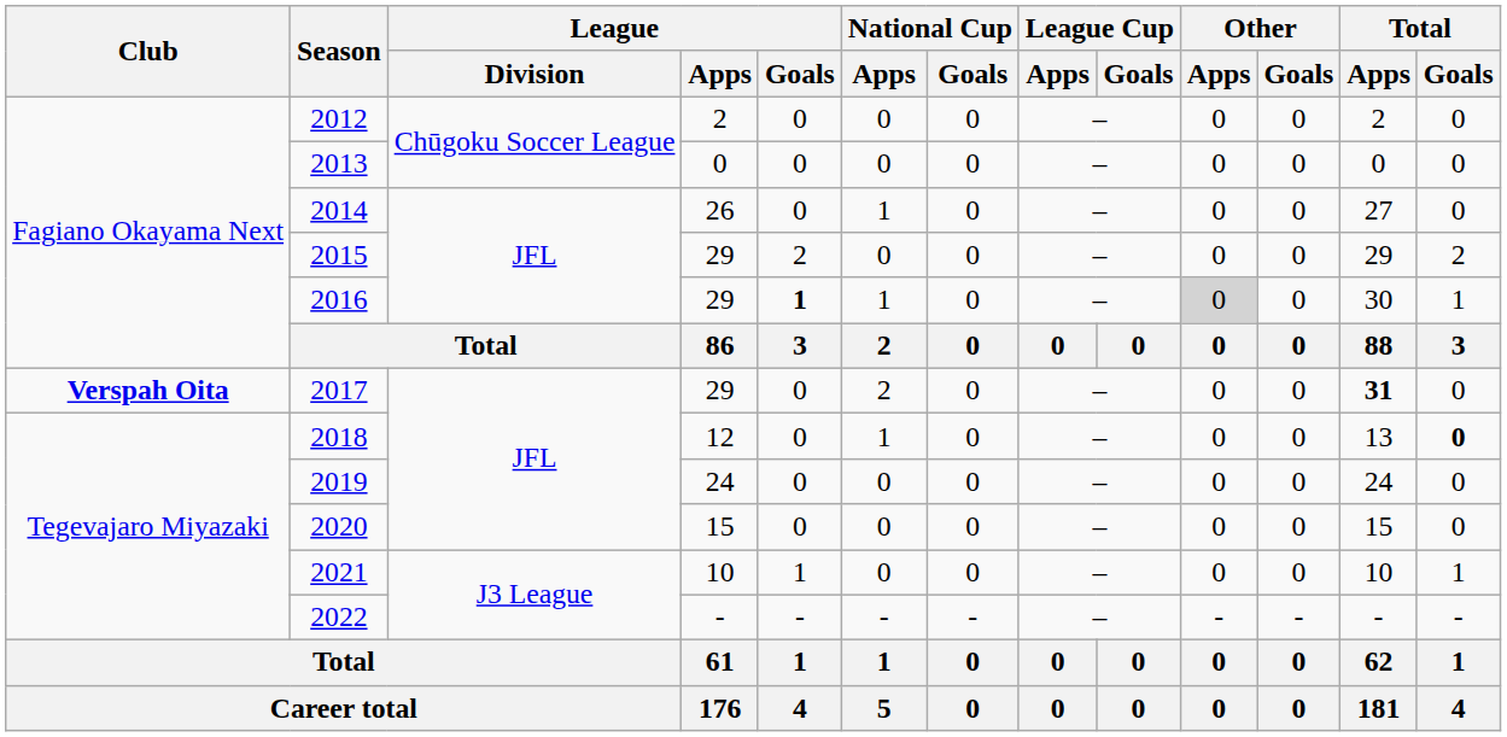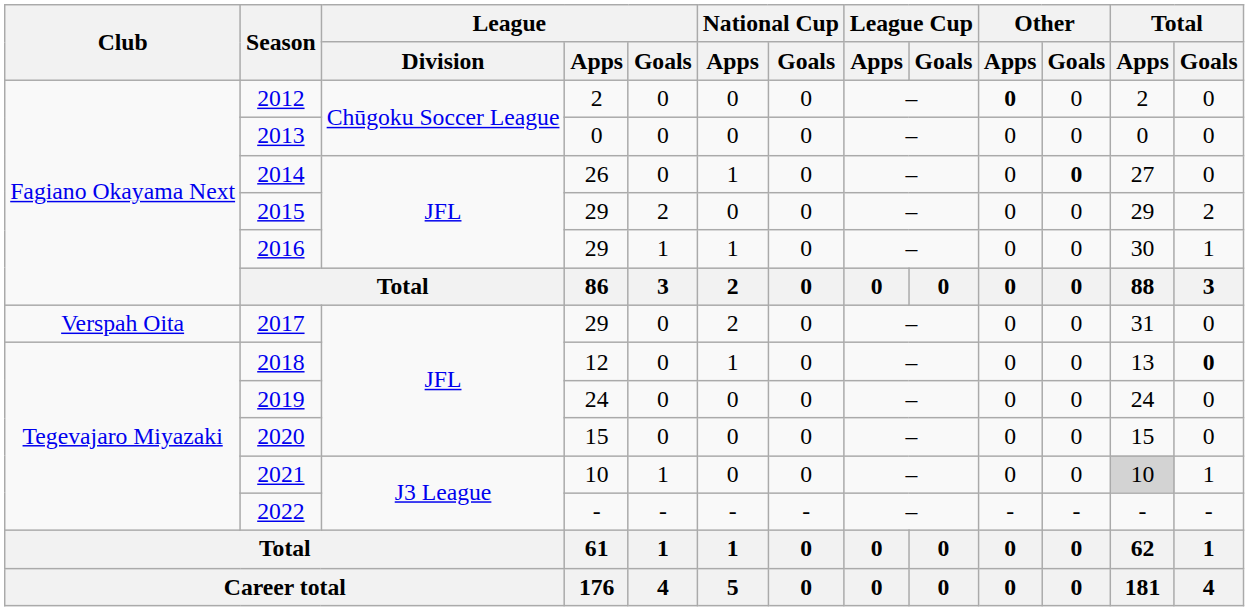 <table class="wikitable" style="text-align: center">
 <tr>
 <th rowspan="2">Club</th>
 <th rowspan="2">Season</th>
 <th colspan="3">League</th>
 <th colspan="2">National Cup</th>
 <th colspan="2">League Cup</th>
 <th colspan="2">Other</th>
 <th colspan="2">Total</th>
 </tr>
 <tr>
 <th>Division</th>
 <th>Apps</th>
 <th>Goals</th>
 <th>Apps</th>
 <th>Goals</th>
 <th>Apps</th>
 <th>Goals</th>
 <th>Apps</th>
 <th>Goals</th>
 <th>Apps</th>
 <th>Goals</th>
 </tr>
 <tr>
 <td rowspan="6"><a href='#'>Fagiano Okayama Next</a></td>
 <td><a href='#'>2012</a></td>
 <td rowspan="2"><a href='#'>Chūgoku Soccer League</a></td>
 <td>2</td>
 <td>0</td>
 <td>0</td>
 <td>0</td>
 <td colspan="2">–</td>
-<td>0</td>
+<td><strong>0</strong></td>
 <td>0</td>
 <td>2</td>
 <td>0</td>
 </tr>
 <tr>
 <td><a href='#'>2013</a></td>
 <td>0</td>
 <td>0</td>
 <td>0</td>
 <td>0</td>
 <td colspan="2">–</td>
 <td>0</td>
 <td>0</td>
 <td>0</td>
 <td>0</td>
 </tr>
 <tr>
 <td><a href='#'>2014</a></td>
 <td rowspan="3"><a href='#'>JFL</a></td>
 <td>26</td>
 <td>0</td>
 <td>1</td>
 <td>0</td>
 <td colspan="2">–</td>
 <td>0</td>
-<td>0</td>
+<td><strong>0</strong></td>
 <td>27</td>
 <td>0</td>
 </tr>
 <tr>
 <td><a href='#'>2015</a></td>
 <td>29</td>
 <td>2</td>
 <td>0</td>
 <td>0</td>
 <td colspan="2">–</td>
 <td>0</td>
 <td>0</td>
 <td>29</td>
 <td>2</td>
 </tr>
 <tr>
 <td><a href='#'>2016</a></td>
 <td>29</td>
-<td><strong>1</strong></td>
+<td>1</td>
 <td>1</td>
 <td>0</td>
 <td colspan="2">–</td>
-<td style="background: lightgrey;">0</td>
+<td>0</td>
 <td>0</td>
 <td>30</td>
 <td>1</td>
 </tr>
 <tr>
 <th colspan=2>Total</th>
 <th>86</th>
 <th>3</th>
 <th>2</th>
 <th>0</th>
 <th>0</th>
 <th>0</th>
 <th>0</th>
 <th>0</th>
 <th>88</th>
 <th>3</th>
 </tr>
 <tr>
-<td><strong><a href='#'>Verspah Oita</a></strong></td>
+<td><a href='#'>Verspah Oita</a></td>
 <td><a href='#'>2017</a></td>
 <td rowspan="4"><a href='#'>JFL</a></td>
 <td>29</td>
 <td>0</td>
 <td>2</td>
 <td>0</td>
 <td colspan="2">–</td>
 <td>0</td>
 <td>0</td>
-<td><strong>31</strong></td>
+<td>31</td>
 <td>0</td>
 </tr>
 <tr>
 <td rowspan="5"><a href='#'>Tegevajaro Miyazaki</a></td>
 <td><a href='#'>2018</a></td>
 <td>12</td>
 <td>0</td>
 <td>1</td>
 <td>0</td>
 <td colspan="2">–</td>
 <td>0</td>
 <td>0</td>
 <td>13</td>
 <td><strong>0</strong></td>
 </tr>
 <tr>
 <td><a href='#'>2019</a></td>
 <td>24</td>
 <td>0</td>
 <td>0</td>
 <td>0</td>
 <td colspan="2">–</td>
 <td>0</td>
 <td>0</td>
 <td>24</td>
 <td>0</td>
 </tr>
 <tr>
 <td><a href='#'>2020</a></td>
 <td>15</td>
 <td>0</td>
 <td>0</td>
 <td>0</td>
 <td colspan="2">–</td>
 <td>0</td>
 <td>0</td>
 <td>15</td>
 <td>0</td>
 </tr>
 <tr>
 <td><a href='#'>2021</a></td>
 <td rowspan="2"><a href='#'>J3 League</a></td>
 <td>10</td>
 <td>1</td>
 <td>0</td>
 <td>0</td>
 <td colspan="2">–</td>
 <td>0</td>
 <td>0</td>
-<td>10</td>
+<td style="background: lightgrey;">10</td>
 <td>1</td>
 </tr>
 <tr>
 <td><a href='#'>2022</a></td>
 <td>-</td>
 <td>-</td>
 <td>-</td>
 <td>-</td>
 <td colspan="2">–</td>
 <td>-</td>
 <td>-</td>
 <td>-</td>
 <td>-</td>
 </tr>
 <tr>
 <th colspan=3>Total</th>
 <th>61</th>
 <th>1</th>
 <th>1</th>
 <th>0</th>
 <th>0</th>
 <th>0</th>
 <th>0</th>
 <th>0</th>
 <th>62</th>
 <th>1</th>
 </tr>
 <tr>
 <th colspan=3>Career total</th>
 <th>176</th>
 <th>4</th>
 <th>5</th>
 <th>0</th>
 <th>0</th>
 <th>0</th>
 <th>0</th>
 <th>0</th>
 <th>181</th>
 <th>4</th>
 </tr>
 </table>
